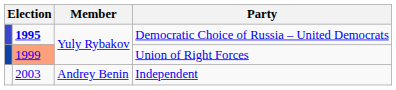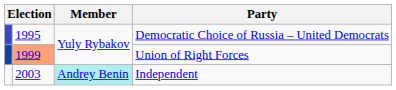 <table class="wikitable">
 <tr>
 <th colspan="2">Election</th>
 <th>Member</th>
 <th>Party</th>
 </tr>
 <tr>
 <td style="background-color:#3A46CE"></td>
-<td><strong><a href='#'>1995</a></strong></td>
+<td><a href='#'>1995</a></td>
 <td rowspan=2><a href='#'>Yuly Rybakov</a></td>
 <td><a href='#'>Democratic Choice of Russia – United Democrats</a></td>
 </tr>
 <tr>
 <td style="background-color:#1042A5"></td>
 <td style="background: lightsalmon;"><a href='#'>1999</a></td>
 <td><a href='#'>Union of Right Forces</a></td>
 </tr>
 <tr>
 <td style="background-color:"></td>
 <td><a href='#'>2003</a></td>
-<td><a href='#'>Andrey Benin</a></td>
+<td style="background: paleturquoise;"><a href='#'>Andrey Benin</a></td>
 <td><a href='#'>Independent</a></td>
 </tr>
 </table>
